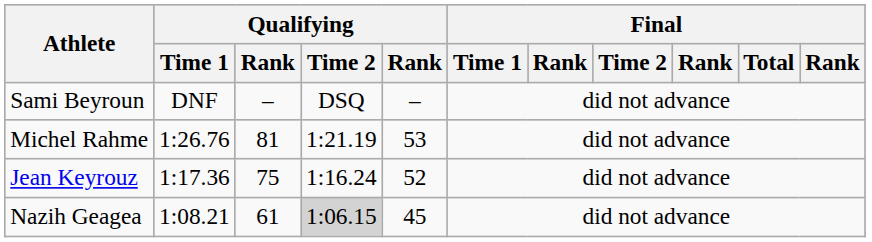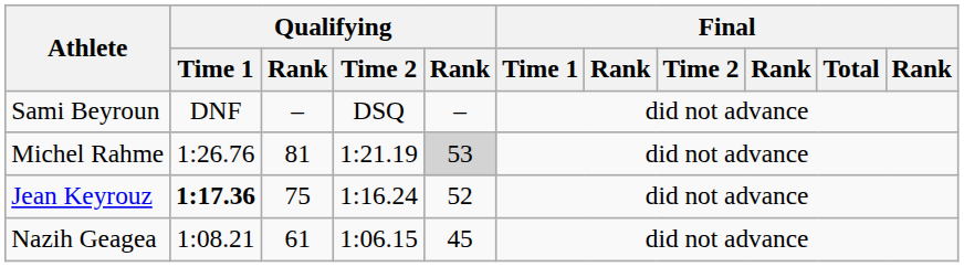 <table class="wikitable" style="font-size:90%">
 <tr>
 <th rowspan="2">Athlete</th>
 <th colspan="4">Qualifying</th>
 <th colspan="6">Final</th>
 </tr>
 <tr>
 <th>Time 1</th>
 <th>Rank</th>
 <th>Time 2</th>
 <th>Rank</th>
 <th>Time 1</th>
 <th>Rank</th>
 <th>Time 2</th>
 <th>Rank</th>
 <th>Total</th>
 <th>Rank</th>
 </tr>
 <tr>
 <td>Sami Beyroun</td>
 <td align="center">DNF</td>
 <td align="center">–</td>
 <td align="center">DSQ</td>
 <td align="center">–</td>
 <td align="center" colspan="6">did not advance</td>
 </tr>
 <tr>
 <td>Michel Rahme</td>
 <td align="center">1:26.76</td>
 <td align="center">81</td>
 <td align="center">1:21.19</td>
-<td align="center">53</td>
+<td align="center" style="background: lightgrey;">53</td>
 <td align="center" colspan="6">did not advance</td>
 </tr>
 <tr>
 <td><a href='#'>Jean Keyrouz</a></td>
-<td align="center">1:17.36</td>
+<td align="center"><strong>1:17.36</strong></td>
 <td align="center">75</td>
 <td align="center">1:16.24</td>
 <td align="center">52</td>
 <td align="center" colspan="6">did not advance</td>
 </tr>
 <tr>
 <td>Nazih Geagea</td>
 <td align="center">1:08.21</td>
 <td align="center">61</td>
-<td align="center" style="background: lightgrey;">1:06.15</td>
+<td align="center">1:06.15</td>
 <td align="center">45</td>
 <td align="center" colspan="6">did not advance</td>
 </tr>
 </table>
